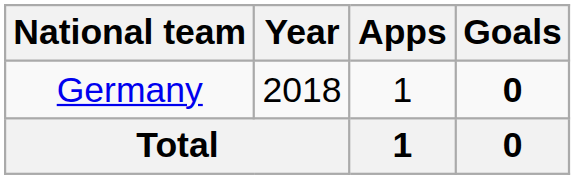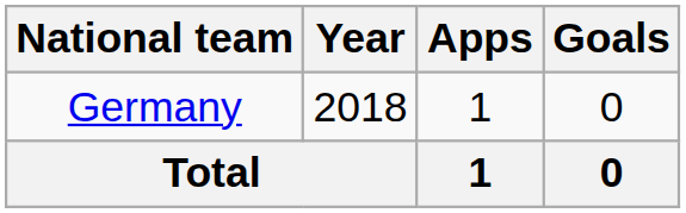 <table class="wikitable" style="text-align:center">
 <tr>
 <th>National team</th>
 <th>Year</th>
 <th>Apps</th>
 <th>Goals</th>
 </tr>
 <tr>
 <td><a href='#'>Germany</a></td>
 <td>2018</td>
 <td>1</td>
-<td><strong>0</strong></td>
+<td>0</td>
 </tr>
 <tr>
 <th colspan="2">Total</th>
 <th>1</th>
 <th>0</th>
 </tr>
 </table>
